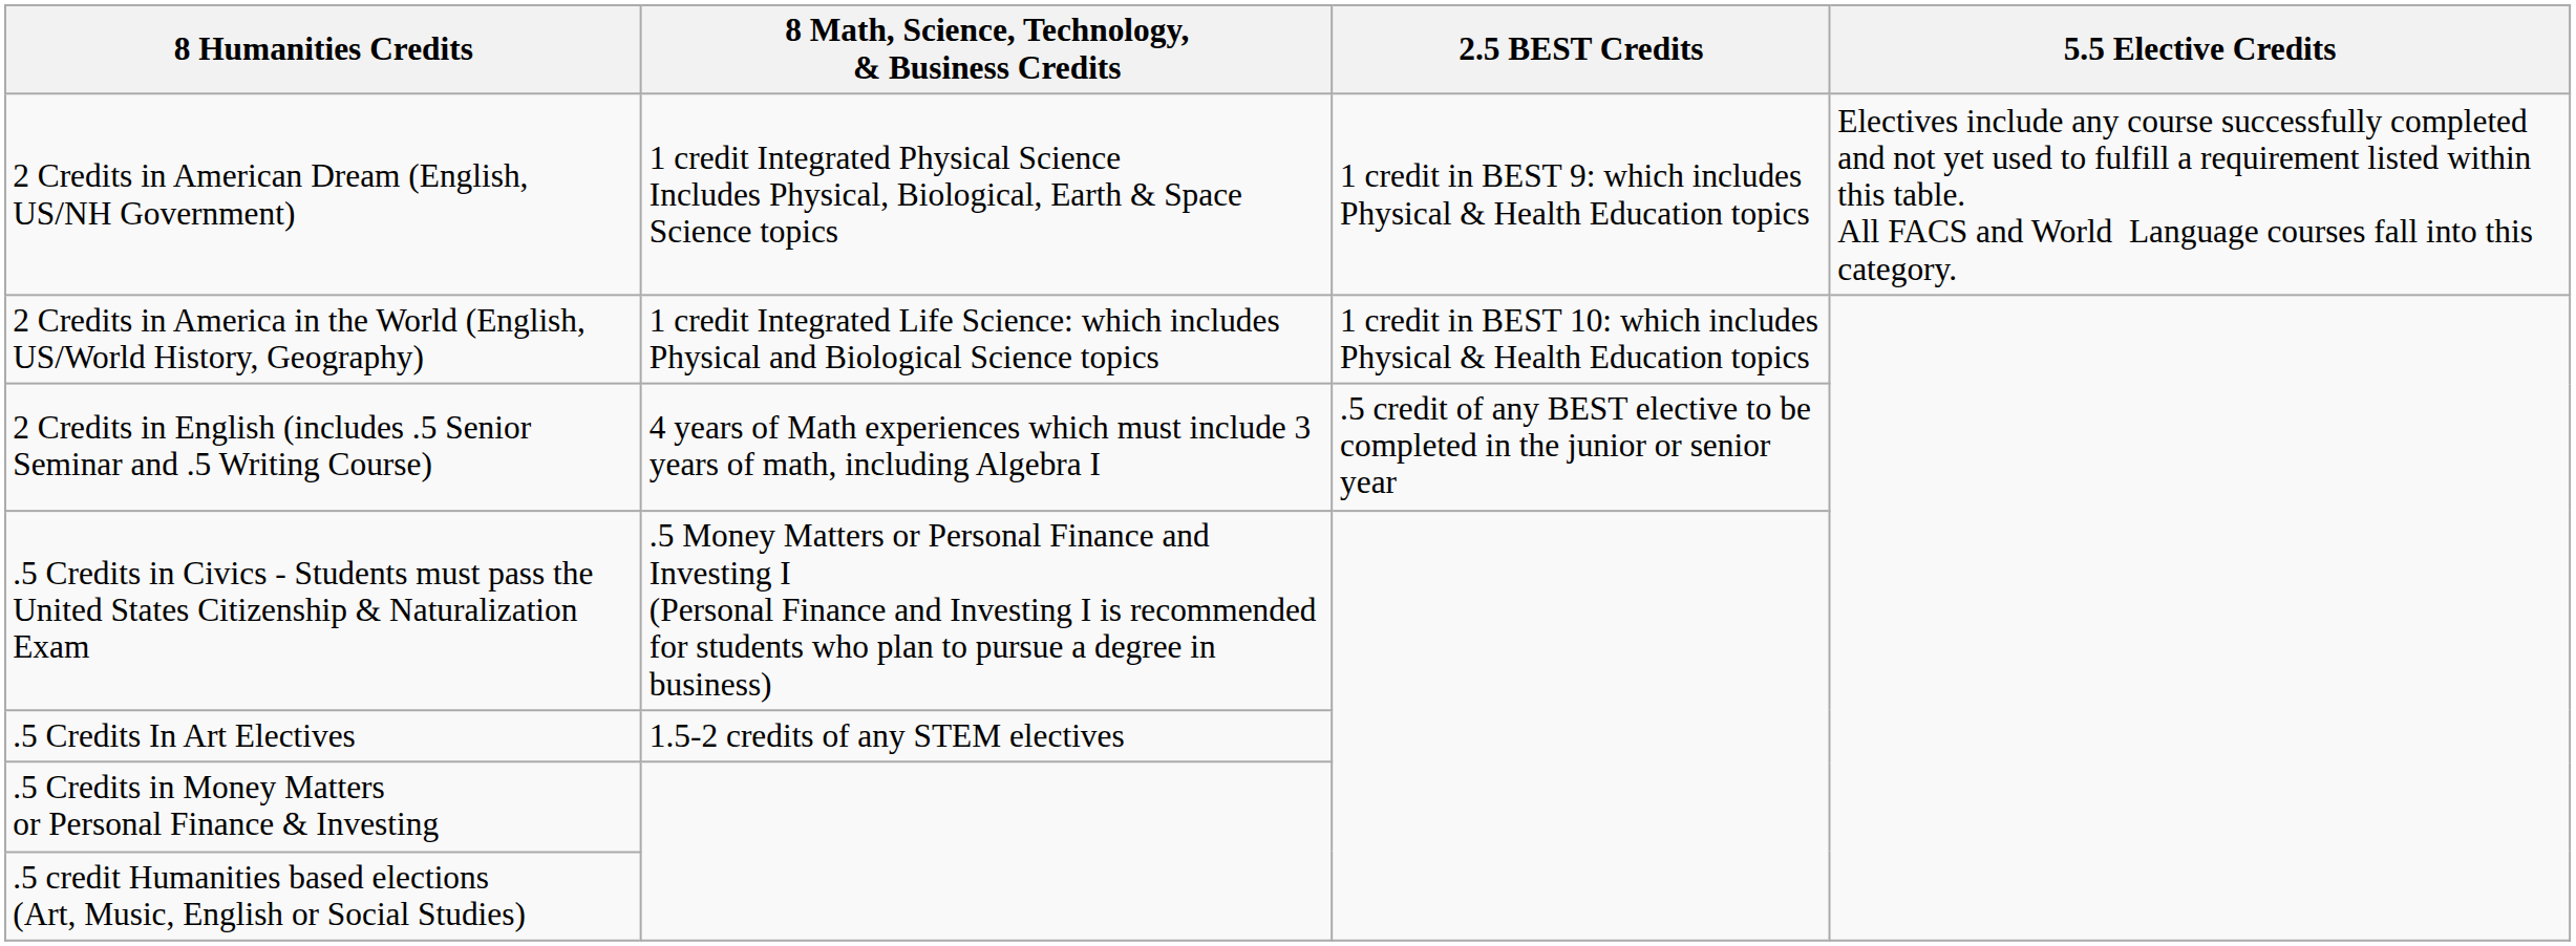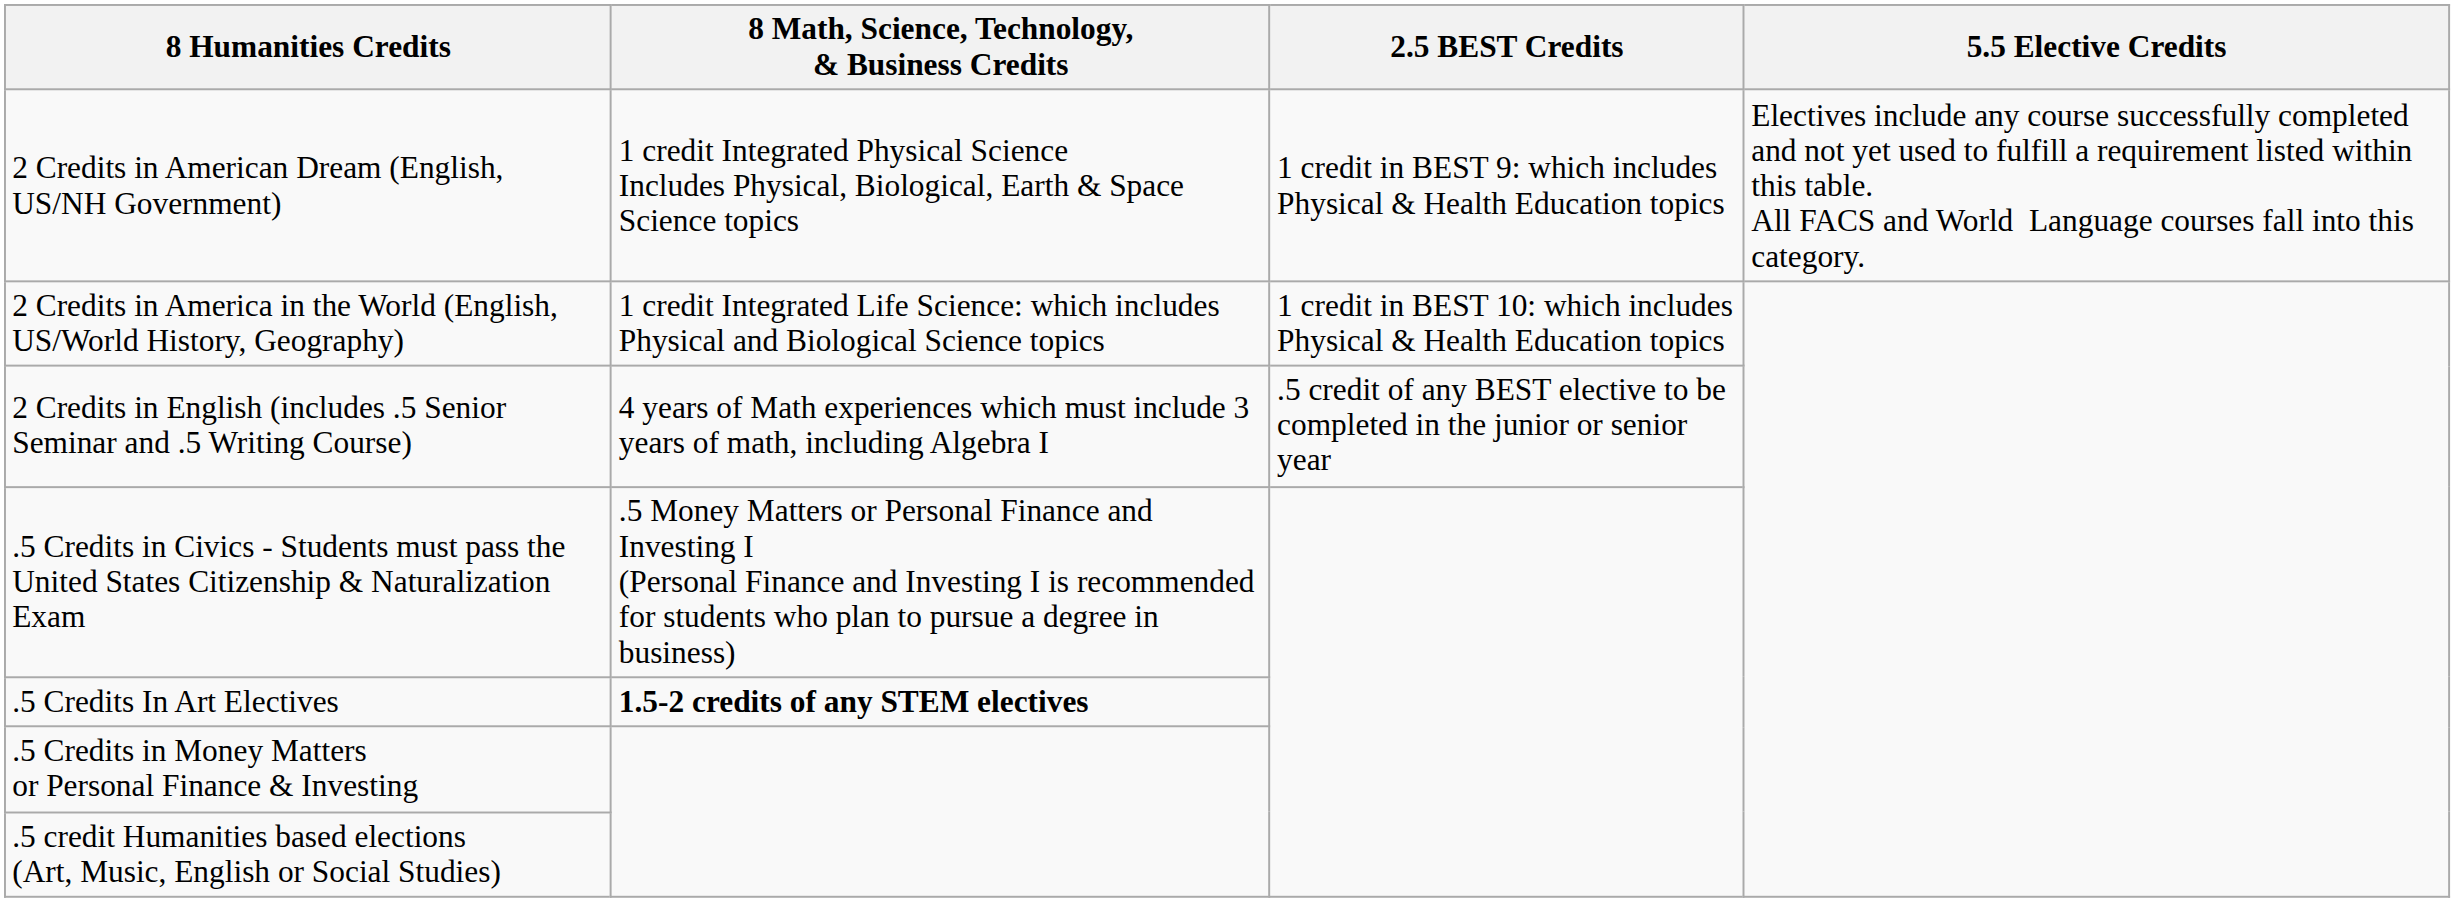 <table class="wikitable sortable">
 <tr>
 <th>8 Humanities Credits</th>
 <th>8 Math, Science, Technology,<br>& Business Credits</th>
 <th>2.5 BEST Credits</th>
 <th>5.5 Elective Credits</th>
 </tr>
 <tr>
 <td>2 Credits in American Dream (English, US/NH Government)</td>
 <td>1 credit Integrated Physical Science<br>Includes Physical, Biological, Earth & Space Science topics</td>
 <td>1 credit in BEST 9: which includes Physical & Health Education topics</td>
 <td>Electives include any course successfully completed and not yet used to fulfill a requirement listed within this table.<br>All FACS and World  Language courses fall into this category.</td>
 </tr>
 <tr>
 <td>2 Credits in America in the World (English, US/World History, Geography)</td>
 <td>1 credit Integrated Life Science: which includes Physical and Biological Science topics</td>
 <td>1 credit in BEST 10: which includes Physical & Health Education topics</td>
 <td rowspan="6"></td>
 </tr>
 <tr>
 <td>2 Credits in English (includes .5 Senior Seminar and .5 Writing Course)</td>
 <td>4 years of Math experiences which must include 3 years of math, including Algebra I</td>
 <td>.5 credit of any BEST elective to be completed in the junior or senior year</td>
 </tr>
 <tr>
 <td>.5 Credits in Civics - Students must pass the United States Citizenship & Naturalization Exam</td>
 <td>.5 Money Matters or Personal Finance and Investing I<br>(Personal Finance and Investing I is recommended  for students who plan to pursue a degree in business)</td>
 <td rowspan="4"></td>
 </tr>
 <tr>
 <td>.5 Credits In Art Electives</td>
-<td>1.5-2 credits of any STEM electives</td>
+<td><strong>1.5-2 credits of any STEM electives</strong></td>
 </tr>
 <tr>
 <td>.5 Credits in Money Matters<br>or Personal Finance & Investing</td>
 <td rowspan="2"></td>
 </tr>
 <tr>
 <td>.5 credit Humanities based elections<br>(Art, Music, English or Social Studies)</td>
 </tr>
 </table>
